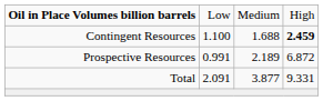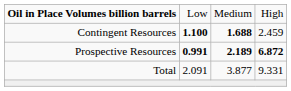 <table border=1 cellpadding=4 align=center cellspacing=0 style="text-align:right; background:#f9f9f9; border:1px #aaa solid; border-collapse:collapse;">
 <tr>
 <th align=left>Oil in Place Volumes billion barrels</th>
 <td>Low</td>
 <td>Medium</td>
 <td>High</td>
 </tr>
 <tr>
 <td>Contingent Resources</td>
-<td>1.100</td>
-<td>1.688</td>
-<td><strong>2.459</strong></td>
+<td><strong>1.100</strong></td>
+<td><strong>1.688</strong></td>
+<td>2.459</td>
 </tr>
 <tr>
 <td>Prospective Resources</td>
-<td>0.991</td>
-<td>2.189</td>
-<td>6.872</td>
+<td><strong>0.991</strong></td>
+<td><strong>2.189</strong></td>
+<td><strong>6.872</strong></td>
 </tr>
 <tr>
 <td>Total</td>
 <td>2.091</td>
 <td>3.877</td>
 <td>9.331</td>
 </tr>
 <tr>
 <td colspan=14 align=center bgcolor=#f0f0f0></td>
 </tr>
 </table>
